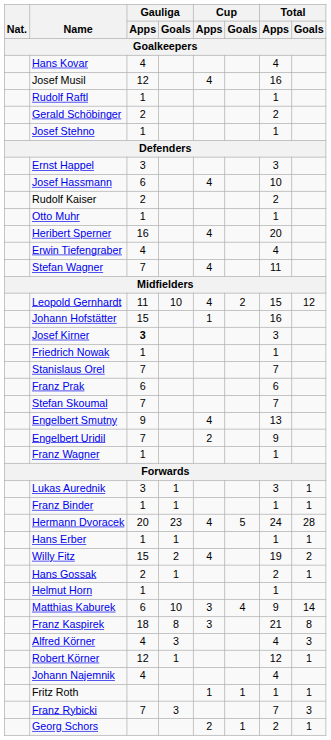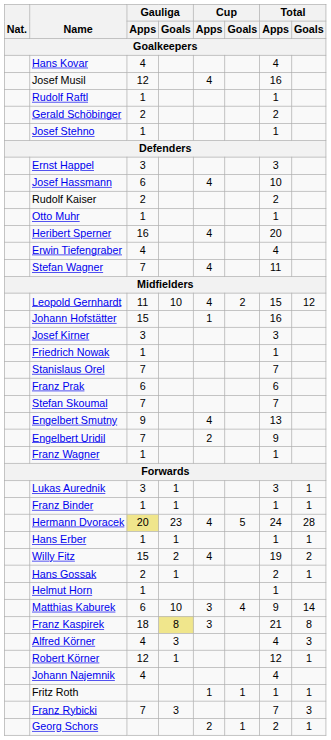 <table class="wikitable" style="text-align:center">
 <tr>
 <th rowspan="2" valign="bottom">Nat.</th>
 <th rowspan="2" valign="bottom">Name</th>
 <th colspan="2" width="85">Gauliga</th>
 <th colspan="2" width="85">Cup</th>
 <th colspan="2" width="85">Total</th>
 </tr>
 <tr>
 <th>Apps</th>
 <th>Goals</th>
 <th>Apps</th>
 <th>Goals</th>
 <th>Apps</th>
 <th>Goals</th>
 </tr>
 <tr>
 <th colspan=20>Goalkeepers</th>
 </tr>
 <tr>
 <td></td>
 <td align="left"><a href='#'>Hans Kovar</a></td>
 <td>4</td>
 <td></td>
 <td></td>
 <td></td>
 <td>4</td>
 <td></td>
 </tr>
 <tr>
 <td></td>
 <td align="left">Josef Musil</td>
 <td>12</td>
 <td></td>
 <td>4</td>
 <td></td>
 <td>16</td>
 <td></td>
 </tr>
 <tr>
 <td></td>
 <td align="left"><a href='#'>Rudolf Raftl</a></td>
 <td>1</td>
 <td></td>
 <td></td>
 <td></td>
 <td>1</td>
 <td></td>
 </tr>
 <tr>
 <td></td>
 <td align="left"><a href='#'>Gerald Schöbinger</a></td>
 <td>2</td>
 <td></td>
 <td></td>
 <td></td>
 <td>2</td>
 <td></td>
 </tr>
 <tr>
 <td></td>
 <td align="left"><a href='#'>Josef Stehno</a></td>
 <td>1</td>
 <td></td>
 <td></td>
 <td></td>
 <td>1</td>
 <td></td>
 </tr>
 <tr>
 <th colspan=20>Defenders</th>
 </tr>
 <tr>
 <td></td>
 <td align="left"><a href='#'>Ernst Happel</a></td>
 <td>3</td>
 <td></td>
 <td></td>
 <td></td>
 <td>3</td>
 <td></td>
 </tr>
 <tr>
 <td></td>
 <td align="left"><a href='#'>Josef Hassmann</a></td>
 <td>6</td>
 <td></td>
 <td>4</td>
 <td></td>
 <td>10</td>
 <td></td>
 </tr>
 <tr>
 <td></td>
 <td align="left">Rudolf Kaiser</td>
 <td>2</td>
 <td></td>
 <td></td>
 <td></td>
 <td>2</td>
 <td></td>
 </tr>
 <tr>
 <td></td>
 <td align="left"><a href='#'>Otto Muhr</a></td>
 <td>1</td>
 <td></td>
 <td></td>
 <td></td>
 <td>1</td>
 <td></td>
 </tr>
 <tr>
 <td></td>
 <td align="left"><a href='#'>Heribert Sperner</a></td>
 <td>16</td>
 <td></td>
 <td>4</td>
 <td></td>
 <td>20</td>
 <td></td>
 </tr>
 <tr>
 <td></td>
 <td align="left"><a href='#'>Erwin Tiefengraber</a></td>
 <td>4</td>
 <td></td>
 <td></td>
 <td></td>
 <td>4</td>
 <td></td>
 </tr>
 <tr>
 <td></td>
 <td align="left"><a href='#'>Stefan Wagner</a></td>
 <td>7</td>
 <td></td>
 <td>4</td>
 <td></td>
 <td>11</td>
 <td></td>
 </tr>
 <tr>
 <th colspan=20>Midfielders</th>
 </tr>
 <tr>
 <td></td>
 <td align="left"><a href='#'>Leopold Gernhardt</a></td>
 <td>11</td>
 <td>10</td>
 <td>4</td>
 <td>2</td>
 <td>15</td>
 <td>12</td>
 </tr>
 <tr>
 <td></td>
 <td align="left"><a href='#'>Johann Hofstätter</a></td>
 <td>15</td>
 <td></td>
 <td>1</td>
 <td></td>
 <td>16</td>
 <td></td>
 </tr>
 <tr>
 <td></td>
 <td align="left"><a href='#'>Josef Kirner</a></td>
-<td><strong>3</strong></td>
+<td>3</td>
 <td></td>
 <td></td>
 <td></td>
 <td>3</td>
 <td></td>
 </tr>
 <tr>
 <td></td>
 <td align="left"><a href='#'>Friedrich Nowak</a></td>
 <td>1</td>
 <td></td>
 <td></td>
 <td></td>
 <td>1</td>
 <td></td>
 </tr>
 <tr>
 <td></td>
 <td align="left"><a href='#'>Stanislaus Orel</a></td>
 <td>7</td>
 <td></td>
 <td></td>
 <td></td>
 <td>7</td>
 <td></td>
 </tr>
 <tr>
 <td></td>
 <td align="left"><a href='#'>Franz Prak</a></td>
 <td>6</td>
 <td></td>
 <td></td>
 <td></td>
 <td>6</td>
 <td></td>
 </tr>
 <tr>
 <td></td>
 <td align="left"><a href='#'>Stefan Skoumal</a></td>
 <td>7</td>
 <td></td>
 <td></td>
 <td></td>
 <td>7</td>
 <td></td>
 </tr>
 <tr>
 <td></td>
 <td align="left"><a href='#'>Engelbert Smutny</a></td>
 <td>9</td>
 <td></td>
 <td>4</td>
 <td></td>
 <td>13</td>
 <td></td>
 </tr>
 <tr>
 <td></td>
 <td align="left"><a href='#'>Engelbert Uridil</a></td>
 <td>7</td>
 <td></td>
 <td>2</td>
 <td></td>
 <td>9</td>
 <td></td>
 </tr>
 <tr>
 <td></td>
 <td align="left"><a href='#'>Franz Wagner</a></td>
 <td>1</td>
 <td></td>
 <td></td>
 <td></td>
 <td>1</td>
 <td></td>
 </tr>
 <tr>
 <th colspan=20>Forwards</th>
 </tr>
 <tr>
 <td></td>
 <td align="left"><a href='#'>Lukas Aurednik</a></td>
 <td>3</td>
 <td>1</td>
 <td></td>
 <td></td>
 <td>3</td>
 <td>1</td>
 </tr>
 <tr>
 <td></td>
 <td align="left"><a href='#'>Franz Binder</a></td>
 <td>1</td>
 <td>1</td>
 <td></td>
 <td></td>
 <td>1</td>
 <td>1</td>
 </tr>
 <tr>
 <td></td>
 <td align="left"><a href='#'>Hermann Dvoracek</a></td>
-<td>20</td>
+<td style="background: khaki;">20</td>
 <td>23</td>
 <td>4</td>
 <td>5</td>
 <td>24</td>
 <td>28</td>
 </tr>
 <tr>
 <td></td>
 <td align="left"><a href='#'>Hans Erber</a></td>
 <td>1</td>
 <td>1</td>
 <td></td>
 <td></td>
 <td>1</td>
 <td>1</td>
 </tr>
 <tr>
 <td></td>
 <td align="left"><a href='#'>Willy Fitz</a></td>
 <td>15</td>
 <td>2</td>
 <td>4</td>
 <td></td>
 <td>19</td>
 <td>2</td>
 </tr>
 <tr>
 <td></td>
 <td align="left"><a href='#'>Hans Gossak</a></td>
 <td>2</td>
 <td>1</td>
 <td></td>
 <td></td>
 <td>2</td>
 <td>1</td>
 </tr>
 <tr>
 <td></td>
 <td align="left"><a href='#'>Helmut Horn</a></td>
 <td>1</td>
 <td></td>
 <td></td>
 <td></td>
 <td>1</td>
 <td></td>
 </tr>
 <tr>
 <td></td>
 <td align="left"><a href='#'>Matthias Kaburek</a></td>
 <td>6</td>
 <td>10</td>
 <td>3</td>
 <td>4</td>
 <td>9</td>
 <td>14</td>
 </tr>
 <tr>
 <td></td>
 <td align="left"><a href='#'>Franz Kaspirek</a></td>
 <td>18</td>
-<td>8</td>
+<td style="background: khaki;">8</td>
 <td>3</td>
 <td></td>
 <td>21</td>
 <td>8</td>
 </tr>
 <tr>
 <td></td>
 <td align="left"><a href='#'>Alfred Körner</a></td>
 <td>4</td>
 <td>3</td>
 <td></td>
 <td></td>
 <td>4</td>
 <td>3</td>
 </tr>
 <tr>
 <td></td>
 <td align="left"><a href='#'>Robert Körner</a></td>
 <td>12</td>
 <td>1</td>
 <td></td>
 <td></td>
 <td>12</td>
 <td>1</td>
 </tr>
 <tr>
 <td></td>
 <td align="left"><a href='#'>Johann Najemnik</a></td>
 <td>4</td>
 <td></td>
 <td></td>
 <td></td>
 <td>4</td>
 <td></td>
 </tr>
 <tr>
 <td></td>
 <td align="left">Fritz Roth</td>
 <td></td>
 <td></td>
 <td>1</td>
 <td>1</td>
 <td>1</td>
 <td>1</td>
 </tr>
 <tr>
 <td></td>
 <td align="left"><a href='#'>Franz Rybicki</a></td>
 <td>7</td>
 <td>3</td>
 <td></td>
 <td></td>
 <td>7</td>
 <td>3</td>
 </tr>
 <tr>
 <td></td>
 <td align="left"><a href='#'>Georg Schors</a></td>
 <td></td>
 <td></td>
 <td>2</td>
 <td>1</td>
 <td>2</td>
 <td>1</td>
 </tr>
 </table>
